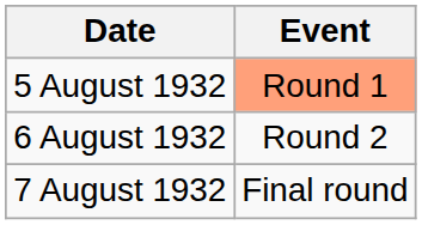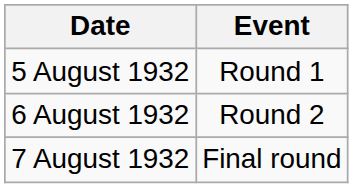 <table class = "wikitable" style="text-align:center;">
 <tr>
 <th>Date</th>
 <th>Event</th>
 </tr>
 <tr>
 <td>5 August 1932</td>
-<td style="background: lightsalmon;">Round 1</td>
+<td>Round 1</td>
 </tr>
 <tr>
 <td>6 August 1932</td>
 <td>Round 2</td>
 </tr>
 <tr>
 <td>7 August 1932</td>
 <td>Final round</td>
 </tr>
 </table>
